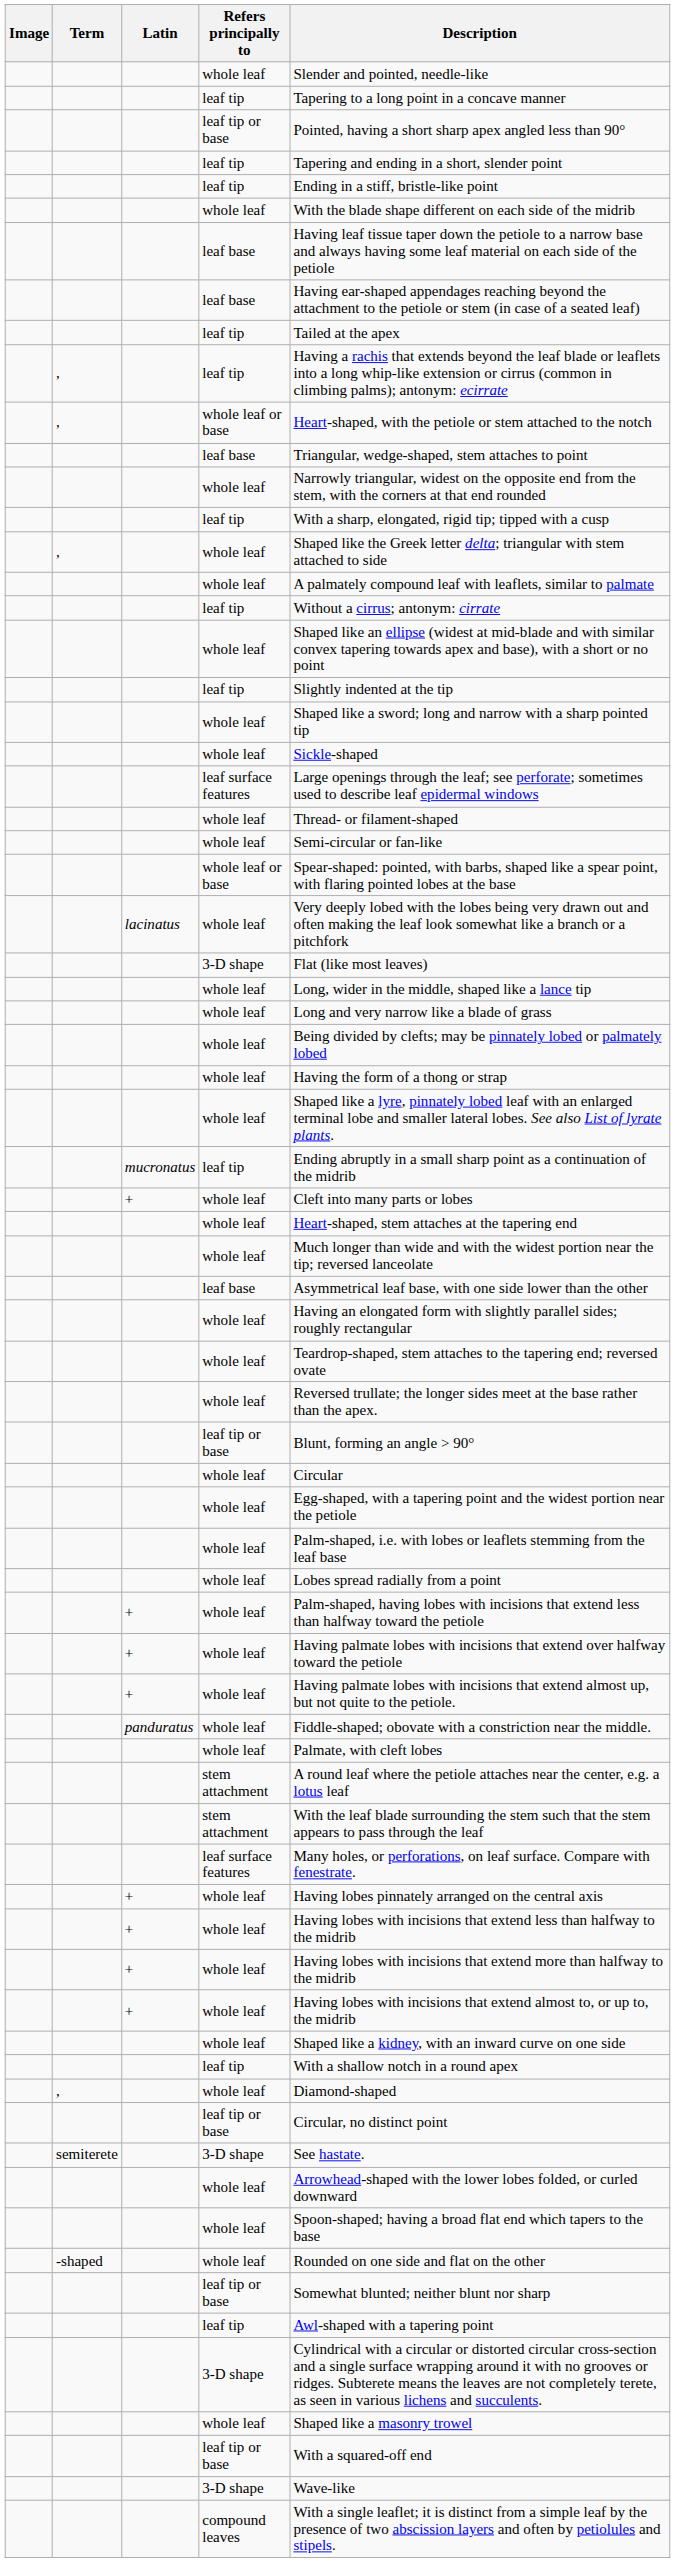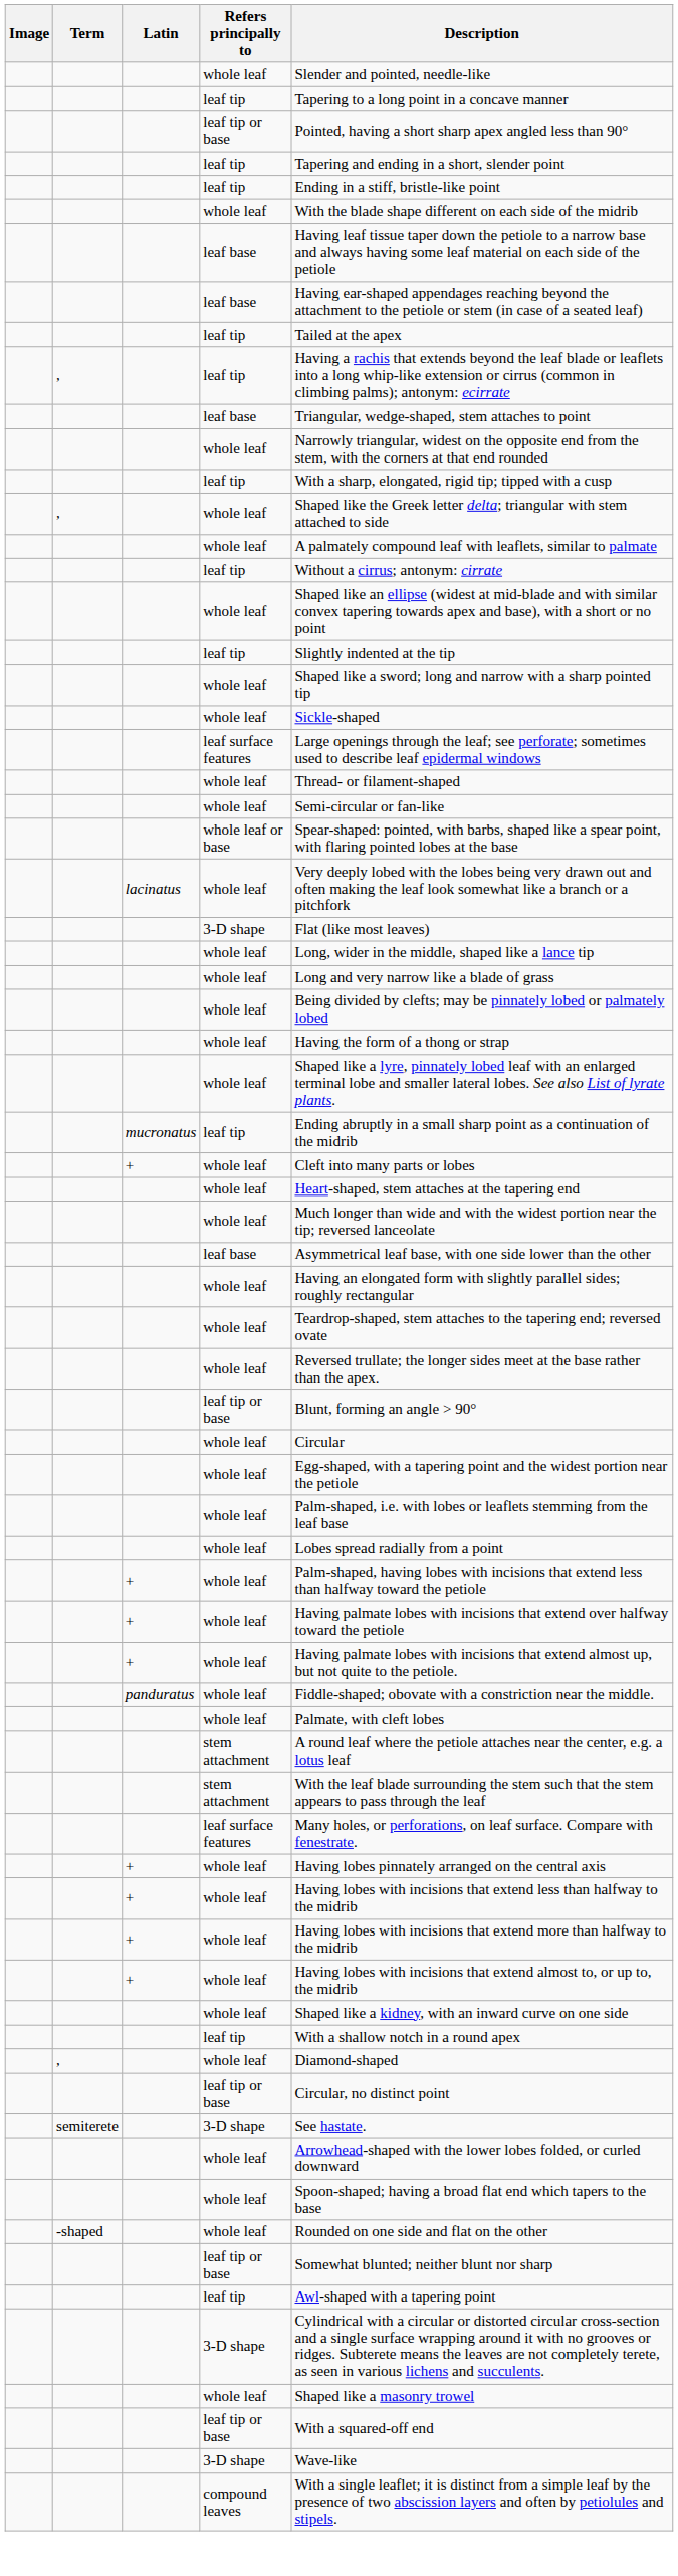 <table class="wikitable sortable mw-collapsible" style="margin:auto; width:80%">
 <tr>
 <th scope="col" class="unsortable">Image</th>
 <th scope="col">Term</th>
 <th scope="col">Latin</th>
 <th scope="col">Refers principally to</th>
 <th scope="col">Description</th>
 </tr>
 <tr>
 <td></td>
 <td></td>
 <td></td>
 <td>whole leaf</td>
 <td>Slender and pointed, needle-like</td>
 </tr>
 <tr>
 <td></td>
 <td></td>
 <td></td>
 <td>leaf tip</td>
 <td>Tapering to a long point in a concave manner</td>
 </tr>
 <tr>
 <td></td>
 <td></td>
 <td></td>
 <td>leaf tip or base</td>
 <td>Pointed, having a short sharp apex angled less than 90°</td>
 </tr>
 <tr>
 <td></td>
 <td></td>
 <td></td>
 <td>leaf tip</td>
 <td>Tapering and ending in a short, slender point</td>
 </tr>
 <tr>
 <td></td>
 <td></td>
 <td></td>
 <td>leaf tip</td>
 <td>Ending in a stiff, bristle-like point</td>
 </tr>
 <tr>
 <td></td>
 <td></td>
 <td></td>
 <td>whole leaf</td>
 <td>With the blade shape different on each side of the midrib</td>
 </tr>
 <tr>
 <td></td>
 <td></td>
 <td></td>
 <td>leaf base</td>
 <td>Having leaf tissue taper down the petiole to a narrow base and always having some leaf material on each side of the petiole</td>
 </tr>
 <tr>
 <td></td>
 <td></td>
 <td></td>
 <td>leaf base</td>
 <td>Having ear-shaped appendages reaching beyond the attachment to the petiole or stem (in case of a seated leaf)</td>
 </tr>
 <tr>
 <td></td>
 <td></td>
 <td></td>
 <td>leaf tip</td>
 <td>Tailed at the apex</td>
 </tr>
 <tr>
 <td></td>
 <td>, </td>
 <td></td>
 <td>leaf tip</td>
 <td>Having a <a href='#'>rachis</a> that extends beyond the leaf blade or leaflets into a long whip-like extension or cirrus (common in climbing palms); antonym: <em><a href='#'>ecirrate</a></em></td>
-</tr>
-<tr>
-<td></td>
-<td>, </td>
-<td></td>
-<td>whole leaf or base</td>
-<td><a href='#'>Heart</a>-shaped, with the petiole or stem attached to the notch</td>
 </tr>
 <tr>
 <td></td>
 <td></td>
 <td></td>
 <td>leaf base</td>
 <td>Triangular, wedge-shaped, stem attaches to point</td>
 </tr>
 <tr>
 <td></td>
 <td></td>
 <td></td>
 <td>whole leaf</td>
 <td>Narrowly triangular, widest on the opposite end from the stem, with the corners at that end rounded</td>
 </tr>
 <tr>
 <td></td>
 <td></td>
 <td></td>
 <td>leaf tip</td>
 <td>With a sharp, elongated, rigid tip; tipped with a cusp</td>
 </tr>
 <tr>
 <td></td>
 <td>, </td>
 <td></td>
 <td>whole leaf</td>
 <td>Shaped like the Greek letter <em><a href='#'>delta</a></em>; triangular with stem attached to side</td>
 </tr>
 <tr>
 <td></td>
 <td></td>
 <td></td>
 <td>whole leaf</td>
 <td>A palmately compound leaf with leaflets, similar to <a href='#'>palmate</a></td>
 </tr>
 <tr>
 <td></td>
 <td></td>
 <td></td>
 <td>leaf tip</td>
 <td>Without a <a href='#'>cirrus</a>; antonym: <em><a href='#'>cirrate</a></em></td>
 </tr>
 <tr>
 <td></td>
 <td></td>
 <td></td>
 <td>whole leaf</td>
 <td>Shaped like an <a href='#'>ellipse</a> (widest at mid-blade and with similar convex tapering towards apex and base), with a short or no point</td>
 </tr>
 <tr>
 <td></td>
 <td></td>
 <td></td>
 <td>leaf tip</td>
 <td>Slightly indented at the tip</td>
 </tr>
 <tr>
 <td></td>
 <td></td>
 <td></td>
 <td>whole leaf</td>
 <td>Shaped like a sword; long and narrow with a sharp pointed tip</td>
 </tr>
 <tr>
 <td></td>
 <td></td>
 <td></td>
 <td>whole leaf</td>
 <td><a href='#'>Sickle</a>-shaped</td>
 </tr>
 <tr>
 <td></td>
 <td></td>
 <td></td>
 <td>leaf surface features</td>
 <td>Large openings through the leaf; see <a href='#'>perforate</a>; sometimes used to describe leaf <a href='#'>epidermal windows</a></td>
 </tr>
 <tr>
 <td></td>
 <td></td>
 <td></td>
 <td>whole leaf</td>
 <td>Thread- or filament-shaped</td>
 </tr>
 <tr>
 <td></td>
 <td></td>
 <td></td>
 <td>whole leaf</td>
 <td>Semi-circular or fan-like</td>
 </tr>
 <tr>
 <td></td>
 <td></td>
 <td></td>
 <td>whole leaf or base</td>
 <td>Spear-shaped: pointed, with barbs, shaped like a spear point, with flaring pointed lobes at the base</td>
 </tr>
 <tr>
 <td></td>
 <td></td>
 <td><em>lacinatus</em></td>
 <td>whole leaf</td>
 <td>Very deeply lobed with the lobes being very drawn out and often making the leaf look somewhat like a branch or a pitchfork</td>
 </tr>
 <tr>
 <td></td>
 <td></td>
 <td></td>
 <td>3-D shape</td>
 <td>Flat (like most leaves)</td>
 </tr>
 <tr>
 <td></td>
 <td></td>
 <td></td>
 <td>whole leaf</td>
 <td>Long, wider in the middle, shaped like a <a href='#'>lance</a> tip</td>
 </tr>
 <tr>
 <td></td>
 <td></td>
 <td></td>
 <td>whole leaf</td>
 <td>Long and very narrow like a blade of grass</td>
 </tr>
 <tr>
 <td></td>
 <td></td>
 <td></td>
 <td>whole leaf</td>
 <td>Being divided by clefts; may be <a href='#'>pinnately lobed</a> or <a href='#'>palmately lobed</a></td>
 </tr>
 <tr>
 <td></td>
 <td></td>
 <td></td>
 <td>whole leaf</td>
 <td>Having the form of a thong or strap</td>
 </tr>
 <tr>
 <td></td>
 <td></td>
 <td></td>
 <td>whole leaf</td>
 <td>Shaped like a <a href='#'>lyre</a>, <a href='#'>pinnately lobed</a> leaf with an enlarged terminal lobe and smaller lateral lobes. <em>See also <a href='#'>List of lyrate plants</a></em>.</td>
 </tr>
 <tr>
 <td></td>
 <td></td>
 <td><em>mucronatus</em></td>
 <td>leaf tip</td>
 <td>Ending abruptly in a small sharp point as a continuation of the midrib</td>
 </tr>
 <tr>
 <td></td>
 <td></td>
 <td> + </td>
 <td>whole leaf</td>
 <td>Cleft into many parts or lobes</td>
 </tr>
 <tr>
 <td></td>
 <td></td>
 <td></td>
 <td>whole leaf</td>
 <td><a href='#'>Heart</a>-shaped, stem attaches at the tapering end</td>
 </tr>
 <tr>
 <td></td>
 <td></td>
 <td></td>
 <td>whole leaf</td>
 <td>Much longer than wide and with the widest portion near the tip; reversed lanceolate</td>
 </tr>
 <tr>
 <td></td>
 <td></td>
 <td></td>
 <td>leaf base</td>
 <td>Asymmetrical leaf base, with one side lower than the other</td>
 </tr>
 <tr>
 <td></td>
 <td></td>
 <td></td>
 <td>whole leaf</td>
 <td>Having an elongated form with slightly parallel sides; roughly rectangular</td>
 </tr>
 <tr>
 <td></td>
 <td></td>
 <td></td>
 <td>whole leaf</td>
 <td>Teardrop-shaped, stem attaches to the tapering end; reversed ovate</td>
 </tr>
 <tr>
 <td></td>
 <td></td>
 <td></td>
 <td>whole leaf</td>
 <td>Reversed trullate; the longer sides meet at the base rather than the apex.</td>
 </tr>
 <tr>
 <td></td>
 <td></td>
 <td></td>
 <td>leaf tip or base</td>
 <td>Blunt, forming an angle > 90°</td>
 </tr>
 <tr>
 <td></td>
 <td></td>
 <td></td>
 <td>whole leaf</td>
 <td>Circular</td>
 </tr>
 <tr>
 <td></td>
 <td></td>
 <td></td>
 <td>whole leaf</td>
 <td>Egg-shaped, with a tapering point and the widest portion near the petiole</td>
 </tr>
 <tr>
 <td></td>
 <td></td>
 <td></td>
 <td>whole leaf</td>
 <td>Palm-shaped, i.e. with lobes or leaflets stemming from the leaf base</td>
 </tr>
 <tr>
 <td></td>
 <td></td>
 <td></td>
 <td>whole leaf</td>
 <td>Lobes spread radially from a point</td>
 </tr>
 <tr>
 <td></td>
 <td></td>
 <td> + </td>
 <td>whole leaf</td>
 <td>Palm-shaped, having lobes with incisions that extend less than halfway toward the petiole</td>
 </tr>
 <tr>
 <td></td>
 <td></td>
 <td> + </td>
 <td>whole leaf</td>
 <td>Having palmate lobes with incisions that extend over halfway toward the petiole</td>
 </tr>
 <tr>
 <td></td>
 <td></td>
 <td> + </td>
 <td>whole leaf</td>
 <td>Having palmate lobes with incisions that extend almost up, but not quite to the petiole.</td>
 </tr>
 <tr>
 <td></td>
 <td></td>
 <td><em>panduratus</em></td>
 <td>whole leaf</td>
 <td>Fiddle-shaped; obovate with a constriction near the middle.</td>
 </tr>
 <tr>
 <td></td>
 <td></td>
 <td></td>
 <td>whole leaf</td>
 <td>Palmate, with cleft lobes</td>
 </tr>
 <tr>
 <td></td>
 <td></td>
 <td></td>
 <td>stem attachment</td>
 <td>A round leaf where the petiole attaches near the center, e.g. a <a href='#'>lotus</a> leaf</td>
 </tr>
 <tr>
 <td></td>
 <td></td>
 <td></td>
 <td>stem attachment</td>
 <td>With the leaf blade surrounding the stem such that the stem appears to pass through the leaf</td>
 </tr>
 <tr>
 <td></td>
 <td></td>
 <td></td>
 <td>leaf surface features</td>
 <td>Many holes, or <a href='#'>perforations</a>, on leaf surface. Compare with <a href='#'>fenestrate</a>.</td>
 </tr>
 <tr>
 <td></td>
 <td><span></span></td>
 <td> + </td>
 <td>whole leaf</td>
 <td>Having lobes pinnately arranged on the central axis</td>
 </tr>
 <tr>
 <td></td>
 <td></td>
 <td> + </td>
 <td>whole leaf</td>
 <td>Having lobes with incisions that extend less than halfway to the midrib</td>
 </tr>
 <tr>
 <td></td>
 <td></td>
 <td> + </td>
 <td>whole leaf</td>
 <td>Having lobes with incisions that extend more than halfway to the midrib</td>
 </tr>
 <tr>
 <td></td>
 <td></td>
 <td> + </td>
 <td>whole leaf</td>
 <td>Having lobes with incisions that extend almost to, or up to, the midrib</td>
 </tr>
 <tr>
 <td></td>
 <td></td>
 <td></td>
 <td>whole leaf</td>
 <td>Shaped like a <a href='#'>kidney</a>, with an inward curve on one side</td>
 </tr>
 <tr>
 <td></td>
 <td></td>
 <td></td>
 <td>leaf tip</td>
 <td>With a shallow notch in a round apex</td>
 </tr>
 <tr>
 <td></td>
 <td>, </td>
 <td></td>
 <td>whole leaf</td>
 <td>Diamond-shaped</td>
 </tr>
 <tr>
 <td></td>
 <td></td>
 <td></td>
 <td>leaf tip or base</td>
 <td>Circular, no distinct point</td>
 </tr>
 <tr>
 <td></td>
 <td>semiterete</td>
 <td></td>
 <td>3-D shape</td>
 <td>See <a href='#'>hastate</a>.</td>
 </tr>
 <tr>
 <td></td>
 <td></td>
 <td></td>
 <td>whole leaf</td>
 <td><a href='#'>Arrowhead</a>-shaped with the lower lobes folded, or curled downward</td>
 </tr>
 <tr>
 <td></td>
 <td></td>
 <td></td>
 <td>whole leaf</td>
 <td>Spoon-shaped; having a broad flat end which tapers to the base</td>
 </tr>
 <tr>
 <td></td>
 <td>-shaped</td>
 <td></td>
 <td>whole leaf</td>
 <td>Rounded on one side and flat on the other</td>
 </tr>
 <tr>
 <td></td>
 <td></td>
 <td></td>
 <td>leaf tip or base</td>
 <td>Somewhat blunted; neither blunt nor sharp</td>
 </tr>
 <tr>
 <td></td>
 <td></td>
 <td></td>
 <td>leaf tip</td>
 <td><a href='#'>Awl</a>-shaped with a tapering point</td>
 </tr>
 <tr>
 <td></td>
 <td></td>
 <td></td>
 <td>3-D shape</td>
 <td>Cylindrical with a circular or distorted circular cross-section and a single surface wrapping around it with no grooves or ridges. Subterete means the leaves are not completely terete, as seen in various <a href='#'>lichens</a> and <a href='#'>succulents</a>.</td>
 </tr>
 <tr>
 <td></td>
 <td></td>
 <td></td>
 <td>whole leaf</td>
 <td>Shaped like a <a href='#'>masonry trowel</a></td>
 </tr>
 <tr>
 <td></td>
 <td></td>
 <td></td>
 <td>leaf tip or base</td>
 <td>With a squared-off end</td>
 </tr>
 <tr>
 <td></td>
 <td></td>
 <td></td>
 <td>3-D shape</td>
 <td>Wave-like</td>
 </tr>
 <tr>
 <td></td>
 <td></td>
 <td></td>
 <td>compound leaves</td>
 <td>With a single leaflet; it is distinct from a simple leaf by the presence of two <a href='#'>abscission layers</a> and often by <a href='#'>petiolules</a> and <a href='#'>stipels</a>.</td>
 </tr>
 </table>
